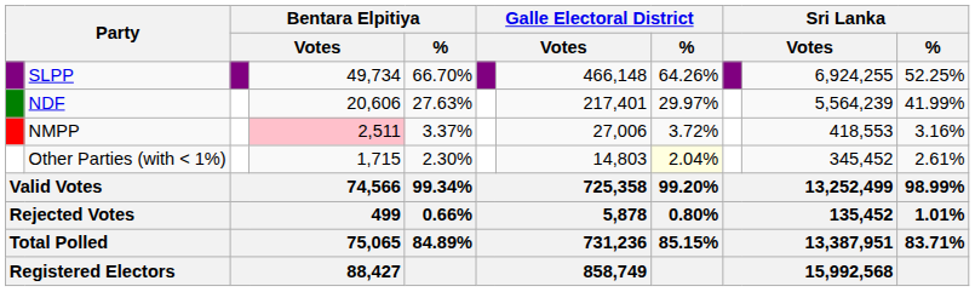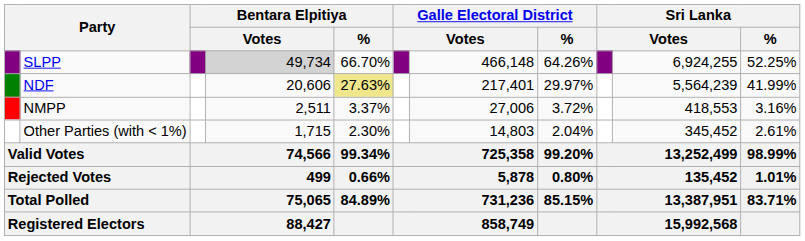 <table class="wikitable">
 <tr>
 <th colspan="2" width="144px"rowspan="2">Party</th>
 <th colspan="3" width="216px">Bentara Elpitiya</th>
 <th colspan="3" width="216px"><a href='#'>Galle Electoral District</a></th>
 <th colspan="3" width="216px">Sri Lanka</th>
 </tr>
 <tr>
 <th colspan="2" width="144px">Votes</th>
 <th>%</th>
 <th colspan="2" width="144px">Votes</th>
 <th>%</th>
 <th colspan="2" width="144px">Votes</th>
 <th>%</th>
 </tr>
 <tr>
 <td style="background-color:purple;" width="10px"></td>
 <td style="text-align:left;"><a href='#'>SLPP</a></td>
 <td style="background-color:purple;" width="10px"></td>
-<td style="text-align:right;">49,734</td>
+<td style="background: lightgrey; text-align:right;">49,734</td>
 <td style="text-align:right;">66.70%</td>
 <td style="background-color:purple;" width="10px"></td>
 <td style="text-align:right;">466,148</td>
 <td style="text-align:right;">64.26%</td>
 <td style="background-color:purple;" width="10px"></td>
 <td style="text-align:right;">6,924,255</td>
 <td style="text-align:right;">52.25%</td>
 </tr>
 <tr>
 <td style="background-color:green;" width="10px"></td>
 <td style="text-align:left;"><a href='#'>NDF</a></td>
 <td style="background-color:white;" width="10px"></td>
 <td style="text-align:right;">20,606</td>
-<td style="text-align:right;">27.63%</td>
+<td style="background: khaki; text-align:right;">27.63%</td>
 <td style="background-color:white;" width="10px"></td>
 <td style="text-align:right;">217,401</td>
 <td style="text-align:right;">29.97%</td>
 <td style="background-color:white;" width="10px"></td>
 <td style="text-align:right;">5,564,239</td>
 <td style="text-align:right;">41.99%</td>
 </tr>
 <tr>
 <td style="background-color:red;" width="10px"></td>
 <td style="text-align:left;">NMPP</td>
 <td style="background-color:white;" width="10px"></td>
-<td style="background: pink; text-align:right;">2,511</td>
+<td style="text-align:right;">2,511</td>
 <td style="text-align:right;">3.37%</td>
 <td style="background-color:white;" width="10px"></td>
 <td style="text-align:right;">27,006</td>
 <td style="text-align:right;">3.72%</td>
 <td style="background-color:white;" width="10px"></td>
 <td style="text-align:right;">418,553</td>
 <td style="text-align:right;">3.16%</td>
 </tr>
 <tr>
 <td style="background-color:white;" width="10px"></td>
 <td style="text-align:left;">Other Parties (with < 1%)</td>
 <td style="background-color:white;" width="10px"></td>
 <td style="text-align:right;">1,715</td>
 <td style="text-align:right;">2.30%</td>
 <td style="background-color:white;" width="10px"></td>
 <td style="text-align:right;">14,803</td>
-<td style="background: lightyellow; text-align:right;">2.04%</td>
+<td style="text-align:right;">2.04%</td>
 <td style="background-color:white;" width="10px"></td>
 <td style="text-align:right;">345,452</td>
 <td style="text-align:right;">2.61%</td>
 </tr>
 <tr>
 <th colspan="2" width="144px"style="text-align:left;">Valid Votes</th>
 <th style="text-align:right;"colspan="2" width="144px">74,566</th>
 <th style="text-align:right;">99.34%</th>
 <th style="text-align:right;"colspan="2" width="144px">725,358</th>
 <th style="text-align:right;">99.20%</th>
 <th style="text-align:right;"colspan="2" width="144px">13,252,499</th>
 <th style="text-align:right;">98.99%</th>
 </tr>
 <tr>
 <th colspan="2" width="144px"style="text-align:left;">Rejected Votes</th>
 <th style="text-align:right;"colspan="2" width="144px">499</th>
 <th style="text-align:right;">0.66%</th>
 <th style="text-align:right;"colspan="2" width="144px">5,878</th>
 <th style="text-align:right;">0.80%</th>
 <th style="text-align:right;"colspan="2" width="144px">135,452</th>
 <th style="text-align:right;">1.01%</th>
 </tr>
 <tr>
 <th colspan="2" width="144px"style="text-align:left;">Total Polled</th>
 <th style="text-align:right;"colspan="2" width="144px">75,065</th>
 <th style="text-align:right;">84.89%</th>
 <th style="text-align:right;"colspan="2" width="144px">731,236</th>
 <th style="text-align:right;">85.15%</th>
 <th style="text-align:right;"colspan="2" width="144px">13,387,951</th>
 <th style="text-align:right;">83.71%</th>
 </tr>
 <tr>
 <th colspan="2" width="144px"style="text-align:left;">Registered Electors</th>
 <th style="text-align:right;"colspan="2" width="144px">88,427</th>
 <th></th>
 <th style="text-align:right;"colspan="2" width="144px">858,749</th>
 <th></th>
 <th style="text-align:right;"colspan="2" width="144px">15,992,568</th>
 <th></th>
 </tr>
 </table>
